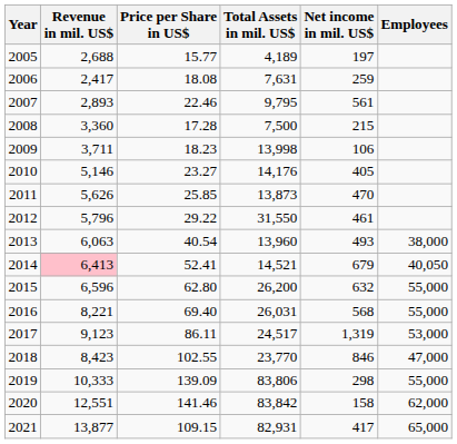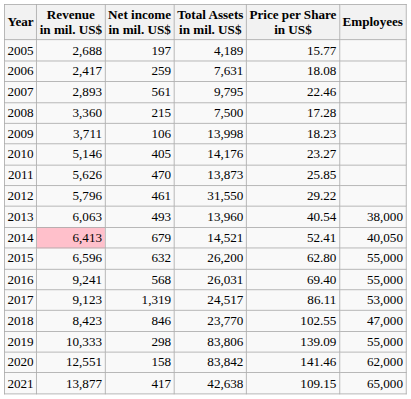 <table class="wikitable float-left" style="text-align: right;">
 <tr>
 <th>Year</th>
 <th>Revenue<br>in mil. US$</th>
+<th>Net income<br>in mil. US$</th>
+<th>Total Assets<br>in mil. US$</th>
 <th>Price per Share<br>in US$</th>
-<th>Total Assets<br>in mil. US$</th>
-<th>Net income<br>in mil. US$</th>
 <th>Employees</th>
 </tr>
 <tr>
 <td>2005</td>
 <td>2,688</td>
+<td>197</td>
+<td>4,189</td>
 <td>15.77</td>
-<td>4,189</td>
-<td>197</td>
 <td></td>
 </tr>
 <tr>
 <td>2006</td>
 <td>2,417</td>
+<td>259</td>
+<td>7,631</td>
 <td>18.08</td>
-<td>7,631</td>
-<td>259</td>
 <td></td>
 </tr>
 <tr>
 <td>2007</td>
 <td>2,893</td>
+<td>561</td>
+<td>9,795</td>
 <td>22.46</td>
-<td>9,795</td>
-<td>561</td>
 <td></td>
 </tr>
 <tr>
 <td>2008</td>
 <td>3,360</td>
+<td>215</td>
+<td>7,500</td>
 <td>17.28</td>
-<td>7,500</td>
-<td>215</td>
 <td></td>
 </tr>
 <tr>
 <td>2009</td>
 <td>3,711</td>
+<td>106</td>
+<td>13,998</td>
 <td>18.23</td>
-<td>13,998</td>
-<td>106</td>
 <td></td>
 </tr>
 <tr>
 <td>2010</td>
 <td>5,146</td>
+<td>405</td>
+<td>14,176</td>
 <td>23.27</td>
-<td>14,176</td>
-<td>405</td>
 <td></td>
 </tr>
 <tr>
 <td>2011</td>
 <td>5,626</td>
+<td>470</td>
+<td>13,873</td>
 <td>25.85</td>
-<td>13,873</td>
-<td>470</td>
 <td></td>
 </tr>
 <tr>
 <td>2012</td>
 <td>5,796</td>
+<td>461</td>
+<td>31,550</td>
 <td>29.22</td>
-<td>31,550</td>
-<td>461</td>
 <td></td>
 </tr>
 <tr>
 <td>2013</td>
 <td>6,063</td>
+<td>493</td>
+<td>13,960</td>
 <td>40.54</td>
-<td>13,960</td>
-<td>493</td>
 <td>38,000</td>
 </tr>
 <tr>
 <td>2014</td>
 <td style="background: pink;">6,413</td>
+<td>679</td>
+<td>14,521</td>
 <td>52.41</td>
-<td>14,521</td>
-<td>679</td>
 <td>40,050</td>
 </tr>
 <tr>
 <td>2015</td>
 <td>6,596</td>
+<td>632</td>
+<td>26,200</td>
 <td>62.80</td>
-<td>26,200</td>
-<td>632</td>
 <td>55,000</td>
 </tr>
 <tr>
 <td>2016</td>
-<td>8,221</td>
+<td>9,241</td>
+<td>568</td>
+<td>26,031</td>
 <td>69.40</td>
-<td>26,031</td>
-<td>568</td>
 <td>55,000</td>
 </tr>
 <tr>
 <td>2017</td>
 <td>9,123</td>
+<td>1,319</td>
+<td>24,517</td>
 <td>86.11</td>
-<td>24,517</td>
-<td>1,319</td>
 <td>53,000</td>
 </tr>
 <tr>
 <td>2018</td>
 <td>8,423</td>
+<td>846</td>
+<td>23,770</td>
 <td>102.55</td>
-<td>23,770</td>
-<td>846</td>
 <td>47,000</td>
 </tr>
 <tr>
 <td>2019</td>
 <td>10,333</td>
+<td>298</td>
+<td>83,806</td>
 <td>139.09</td>
-<td>83,806</td>
-<td>298</td>
 <td>55,000</td>
 </tr>
 <tr>
 <td>2020</td>
 <td>12,551</td>
+<td>158</td>
+<td>83,842</td>
 <td>141.46</td>
-<td>83,842</td>
-<td>158</td>
 <td>62,000</td>
 </tr>
 <tr>
 <td>2021</td>
 <td>13,877</td>
+<td>417</td>
+<td>42,638</td>
 <td>109.15</td>
-<td>82,931</td>
-<td>417</td>
 <td>65,000</td>
 </tr>
 </table>
